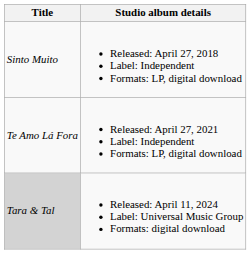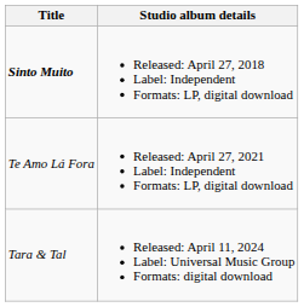 <table class="wikitable">
 <tr>
 <th>Title</th>
 <th>Studio album details</th>
 </tr>
 <tr>
-<td><em>Sinto Muito</em></td>
+<td><strong><em>Sinto Muito</em></strong></td>
 <td><br><ul><li>Released: April 27, 2018</li><li>Label: Independent</li><li>Formats: LP, digital download</li></ul></td>
 </tr>
 <tr>
 <td><em>Te Amo Lá Fora</em></td>
 <td><br><ul><li>Released: April 27, 2021</li><li>Label: Independent</li><li>Formats: LP, digital download</li></ul></td>
 </tr>
 <tr>
-<td style="background: lightgrey;"><em>Tara & Tal</em></td>
+<td><em>Tara & Tal</em></td>
 <td><br><ul><li>Released: April 11, 2024</li><li>Label: Universal Music Group</li><li>Formats: digital download</li></ul></td>
 </tr>
 </table>
